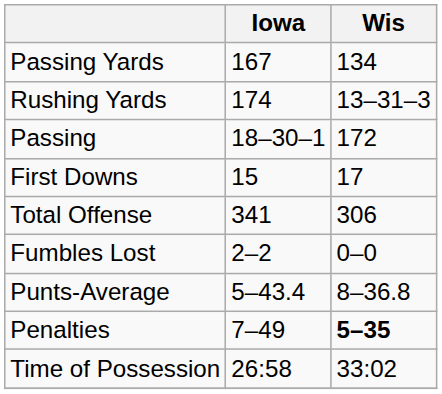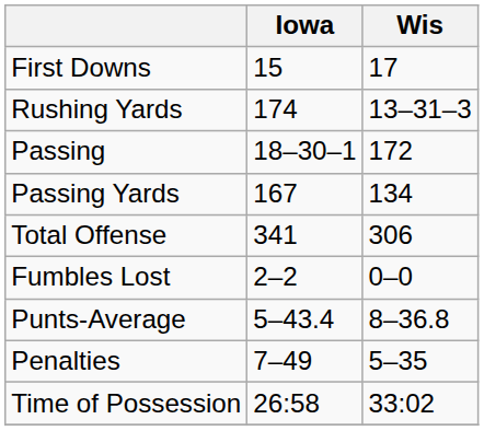 <table class="wikitable">
 <tr>
 <th></th>
 <th>Iowa</th>
 <th>Wis</th>
 </tr>
 <tr>
-<td>Passing Yards</td>
-<td>167</td>
-<td>134</td>
+<td>First Downs</td>
+<td>15</td>
+<td>17</td>
 </tr>
 <tr>
 <td>Rushing Yards</td>
 <td>174</td>
 <td>13–31–3</td>
 </tr>
 <tr>
 <td>Passing</td>
 <td>18–30–1</td>
 <td>172</td>
 </tr>
 <tr>
-<td>First Downs</td>
-<td>15</td>
-<td>17</td>
+<td>Passing Yards</td>
+<td>167</td>
+<td>134</td>
 </tr>
 <tr>
 <td>Total Offense</td>
 <td>341</td>
 <td>306</td>
 </tr>
 <tr>
 <td>Fumbles Lost</td>
 <td>2–2</td>
 <td>0–0</td>
 </tr>
 <tr>
 <td>Punts-Average</td>
 <td>5–43.4</td>
 <td>8–36.8</td>
 </tr>
 <tr>
 <td>Penalties</td>
 <td>7–49</td>
-<td><strong>5–35</strong></td>
+<td>5–35</td>
 </tr>
 <tr>
 <td>Time of Possession</td>
 <td>26:58</td>
 <td>33:02</td>
 </tr>
 <tr>
 </tr>
 </table>
